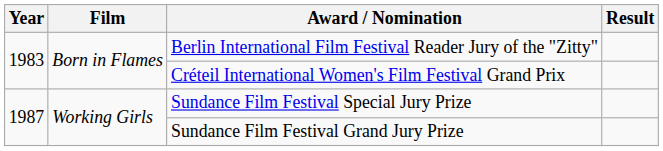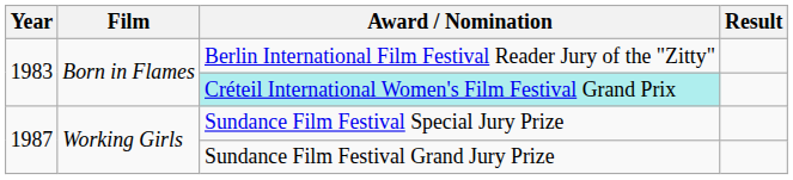 <table class="wikitable">
 <tr>
 <th>Year</th>
 <th>Film</th>
 <th>Award / Nomination</th>
 <th>Result</th>
 </tr>
 <tr>
 <td rowspan="2">1983</td>
 <td rowspan="2"><em>Born in Flames</em></td>
 <td><a href='#'>Berlin International Film Festival</a> Reader Jury of the "Zitty"</td>
 <td></td>
 </tr>
 <tr>
-<td><a href='#'>Créteil International Women's Film Festival</a> Grand Prix</td>
+<td style="background: paleturquoise;"><a href='#'>Créteil International Women's Film Festival</a> Grand Prix</td>
 <td></td>
 </tr>
 <tr>
 <td rowspan="2">1987</td>
 <td rowspan="2"><em>Working Girls</em></td>
 <td><a href='#'>Sundance Film Festival</a> Special Jury Prize</td>
 <td></td>
 </tr>
 <tr>
 <td>Sundance Film Festival Grand Jury Prize</td>
 <td></td>
 </tr>
 </table>
